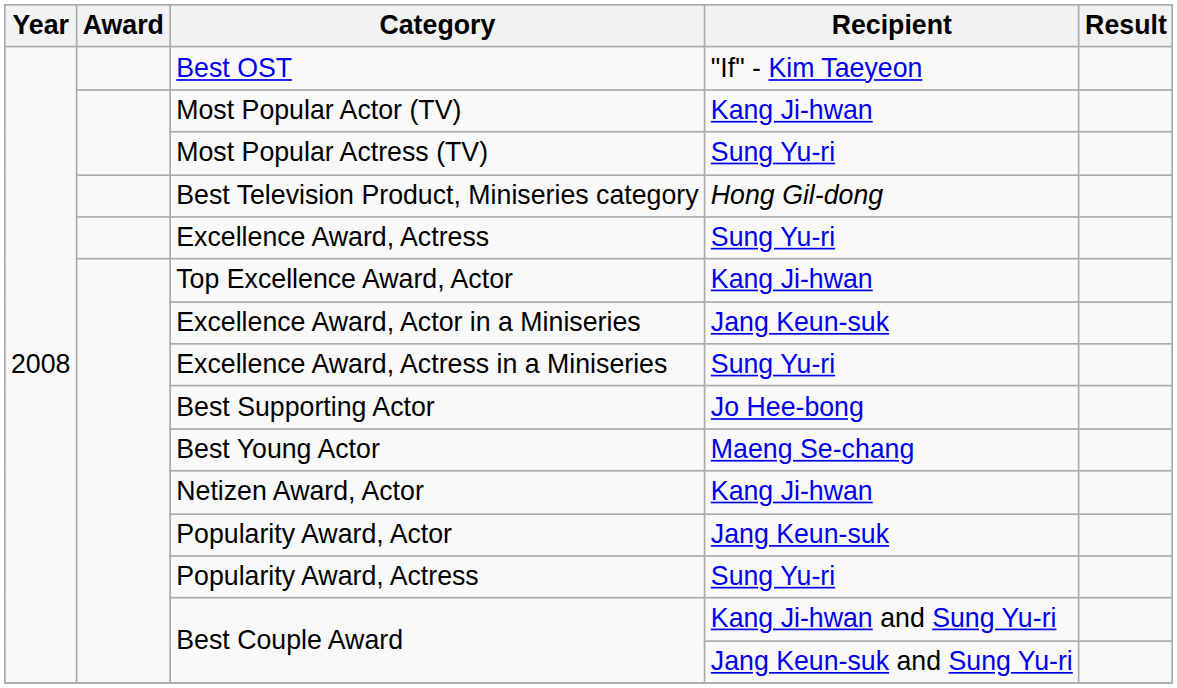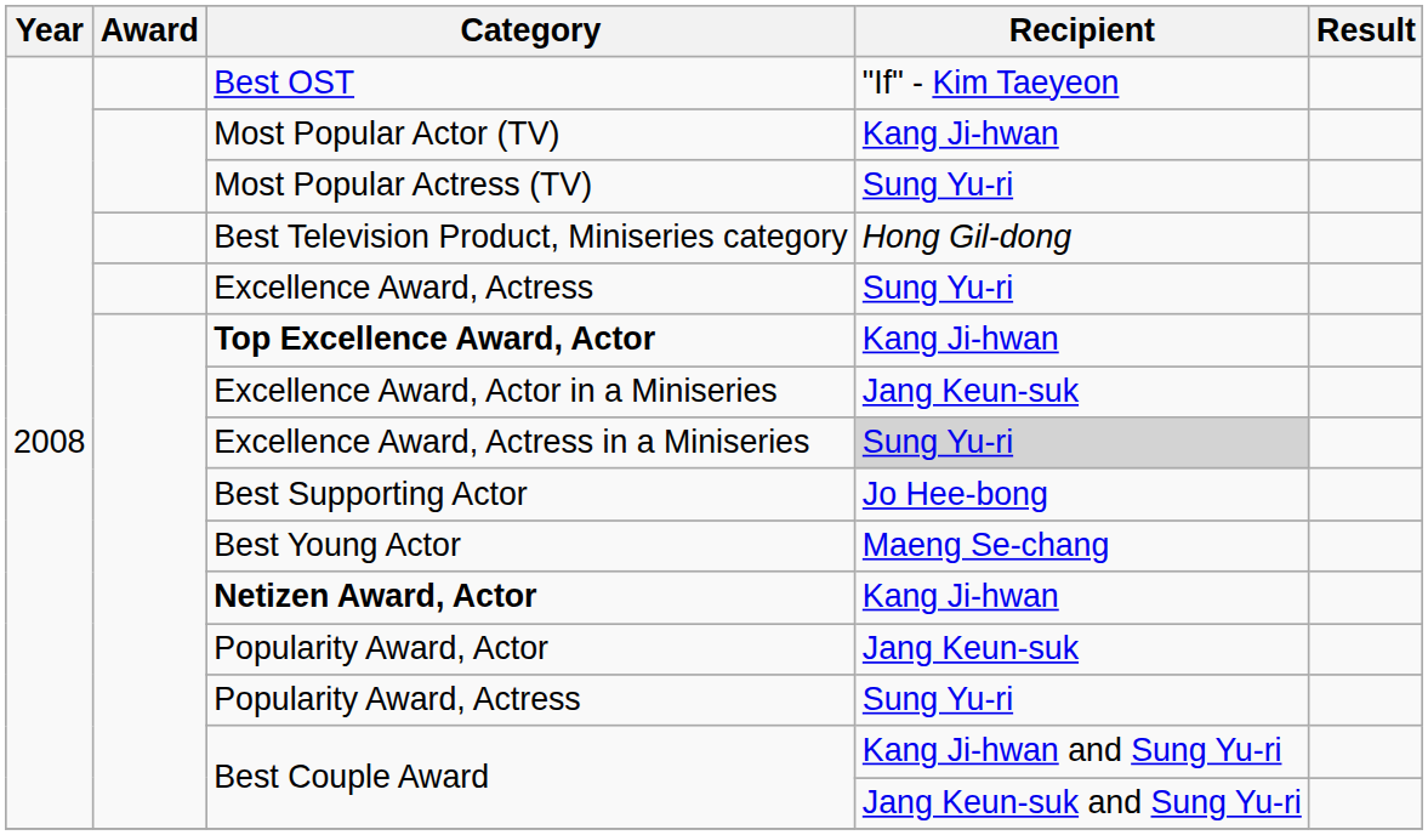 <table class="wikitable">
 <tr>
 <th>Year</th>
 <th>Award</th>
 <th>Category</th>
 <th>Recipient</th>
 <th>Result</th>
 </tr>
 <tr>
 <td rowspan=15>2008</td>
 <td></td>
 <td><a href='#'>Best OST</a></td>
 <td>"If" - <a href='#'>Kim Taeyeon</a></td>
 <td></td>
 </tr>
 <tr>
 <td rowspan=2></td>
 <td>Most Popular Actor (TV)</td>
 <td><a href='#'>Kang Ji-hwan</a></td>
 <td></td>
 </tr>
 <tr>
 <td>Most Popular Actress (TV)</td>
 <td><a href='#'>Sung Yu-ri</a></td>
 <td></td>
 </tr>
 <tr>
 <td></td>
 <td>Best Television Product, Miniseries category</td>
 <td><em>Hong Gil-dong</em></td>
 <td></td>
 </tr>
 <tr>
 <td></td>
 <td>Excellence Award, Actress</td>
 <td><a href='#'>Sung Yu-ri</a></td>
 <td></td>
 </tr>
 <tr>
 <td rowspan=10></td>
-<td>Top Excellence Award, Actor</td>
+<td><strong>Top Excellence Award, Actor</strong></td>
 <td><a href='#'>Kang Ji-hwan</a></td>
 <td></td>
 </tr>
 <tr>
 <td>Excellence Award, Actor in a Miniseries</td>
 <td><a href='#'>Jang Keun-suk</a></td>
 <td></td>
 </tr>
 <tr>
 <td>Excellence Award, Actress in a Miniseries</td>
-<td><a href='#'>Sung Yu-ri</a></td>
+<td style="background: lightgrey;"><a href='#'>Sung Yu-ri</a></td>
 <td></td>
 </tr>
 <tr>
 <td>Best Supporting Actor</td>
 <td><a href='#'>Jo Hee-bong</a></td>
 <td></td>
 </tr>
 <tr>
 <td>Best Young Actor</td>
 <td><a href='#'>Maeng Se-chang</a></td>
 <td></td>
 </tr>
 <tr>
-<td>Netizen Award, Actor</td>
+<td><strong>Netizen Award, Actor</strong></td>
 <td><a href='#'>Kang Ji-hwan</a></td>
 <td></td>
 </tr>
 <tr>
 <td>Popularity Award, Actor</td>
 <td><a href='#'>Jang Keun-suk</a></td>
 <td></td>
 </tr>
 <tr>
 <td>Popularity Award, Actress</td>
 <td><a href='#'>Sung Yu-ri</a></td>
 <td></td>
 </tr>
 <tr>
 <td rowspan=2>Best Couple Award</td>
 <td><a href='#'>Kang Ji-hwan</a> and <a href='#'>Sung Yu-ri</a></td>
 <td></td>
 </tr>
 <tr>
 <td><a href='#'>Jang Keun-suk</a> and <a href='#'>Sung Yu-ri</a></td>
 <td></td>
 </tr>
 <tr>
 </tr>
 </table>
